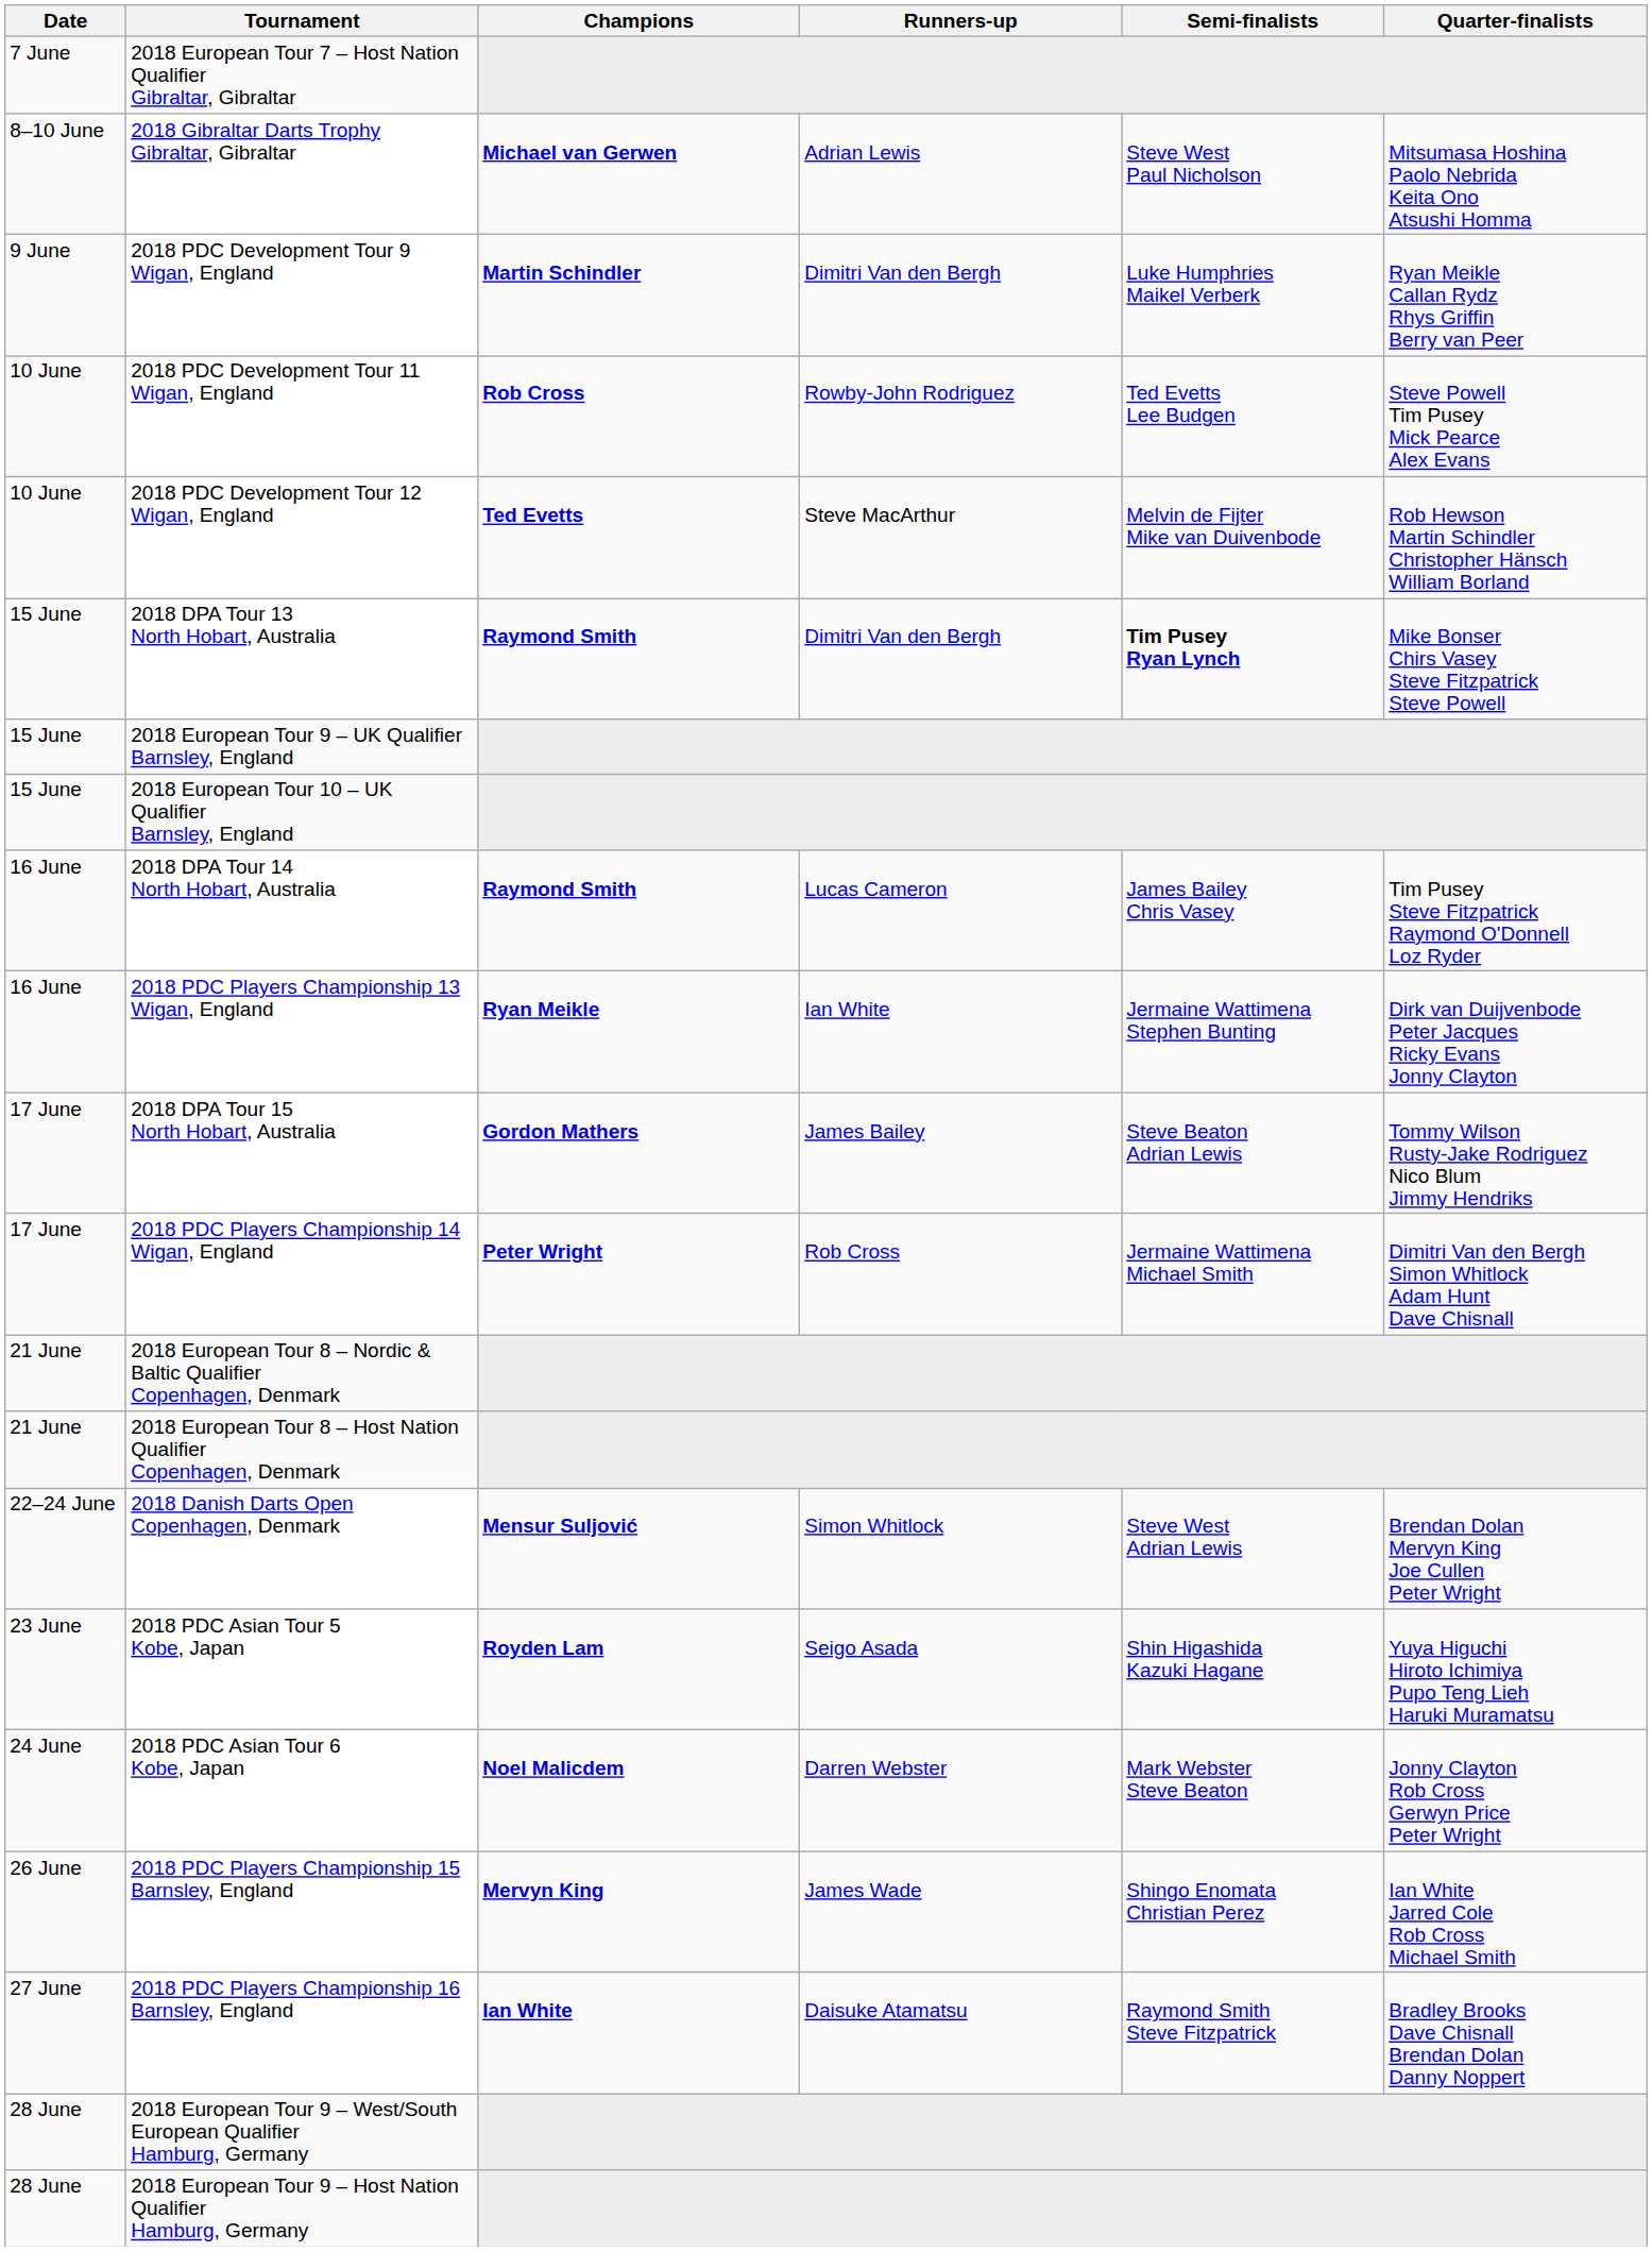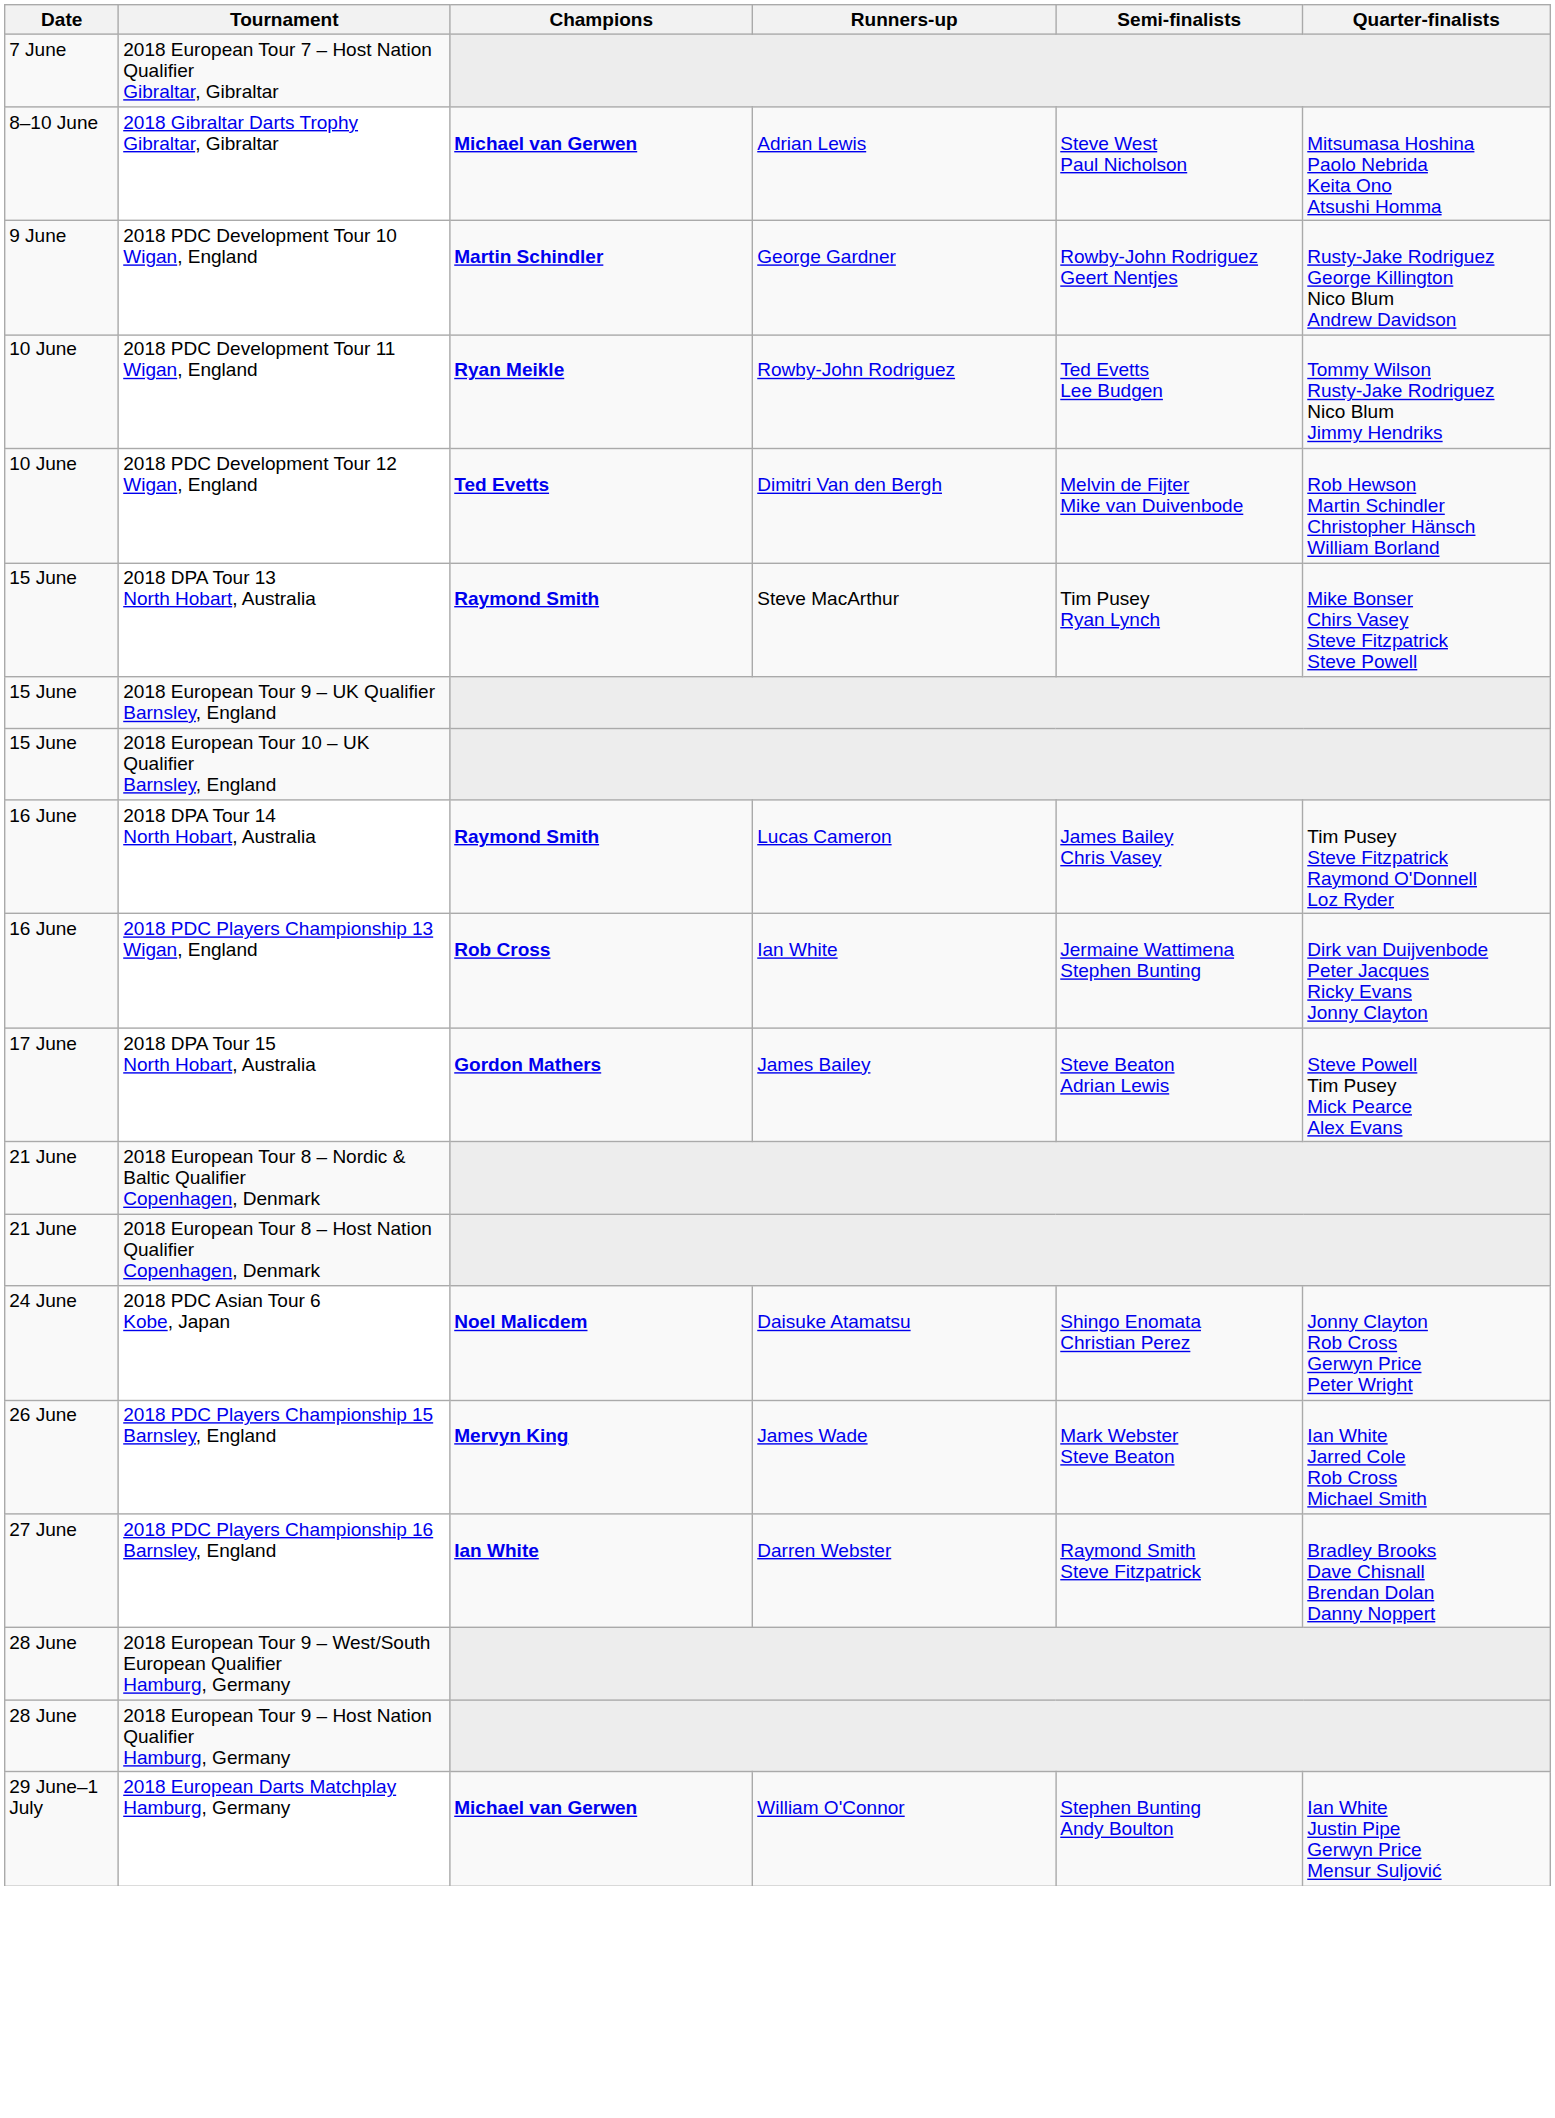 <table class=wikitable style=font-size:85%>
 <tr>
 <th width=75>Date</th>
 <th width=230>Tournament</th>
 <th width=210>Champions</th>
 <th width=210>Runners-up</th>
 <th width=170>Semi-finalists</th>
 <th width=170>Quarter-finalists</th>
 </tr>
 <tr valign="top">
 <td rowspan=1>7 June</td>
 <td>2018 European Tour 7 – Host Nation Qualifier <br><a href='#'>Gibraltar</a>, Gibraltar</td>
 <td colspan=4 bgcolor="#ededed"></td>
 </tr>
 <tr valign="top">
 <td>8–10 June</td>
 <td bgcolor="#ffffff"><a href='#'>2018 Gibraltar Darts Trophy</a><br><a href='#'>Gibraltar</a>, Gibraltar</td>
 <td><br> <strong><a href='#'>Michael van Gerwen</a></strong></td>
 <td><br> <a href='#'>Adrian Lewis</a></td>
 <td><br> <a href='#'>Steve West</a> <br>  <a href='#'>Paul Nicholson</a></td>
 <td><br> <a href='#'>Mitsumasa Hoshina</a> <br>  <a href='#'>Paolo Nebrida</a> <br>  <a href='#'>Keita Ono</a> <br>  <a href='#'>Atsushi Homma</a></td>
 </tr>
 <tr valign="top">
 <td>9 June</td>
-<td bgcolor="#ffffff">2018 PDC Development Tour 9<br><a href='#'>Wigan</a>, England</td>
+<td bgcolor="#ffffff">2018 PDC Development Tour 10<br><a href='#'>Wigan</a>, England</td>
 <td><br> <strong><a href='#'>Martin Schindler</a></strong></td>
-<td><br> <a href='#'>Dimitri Van den Bergh</a></td>
-<td><br> <a href='#'>Luke Humphries</a> <br>  <a href='#'>Maikel Verberk</a></td>
-<td><br> <a href='#'>Ryan Meikle</a> <br>  <a href='#'>Callan Rydz</a> <br>  <a href='#'>Rhys Griffin</a> <br>  <a href='#'>Berry van Peer</a></td>
+<td><br> <a href='#'>George Gardner</a></td>
+<td><br> <a href='#'>Rowby-John Rodriguez</a> <br>  <a href='#'>Geert Nentjes</a></td>
+<td><br> <a href='#'>Rusty-Jake Rodriguez</a> <br>  <a href='#'>George Killington</a> <br>  Nico Blum <br>  <a href='#'>Andrew Davidson</a></td>
 </tr>
 <tr valign="top">
 <td>10 June</td>
 <td bgcolor="#ffffff">2018 PDC Development Tour 11<br><a href='#'>Wigan</a>, England</td>
-<td><br> <strong><a href='#'>Rob Cross</a></strong></td>
+<td><br> <strong><a href='#'>Ryan Meikle</a></strong></td>
 <td><br> <a href='#'>Rowby-John Rodriguez</a></td>
 <td><br> <a href='#'>Ted Evetts</a> <br>  <a href='#'>Lee Budgen</a></td>
-<td><br> <a href='#'>Steve Powell</a> <br>  Tim Pusey <br>  <a href='#'>Mick Pearce</a> <br>  <a href='#'>Alex Evans</a></td>
+<td><br> <a href='#'>Tommy Wilson</a> <br>  <a href='#'>Rusty-Jake Rodriguez</a> <br>  Nico Blum <br>  <a href='#'>Jimmy Hendriks</a></td>
 </tr>
 <tr valign="top">
 <td>10 June</td>
 <td bgcolor="#ffffff">2018 PDC Development Tour 12<br><a href='#'>Wigan</a>, England</td>
 <td><br> <strong><a href='#'>Ted Evetts</a></strong></td>
-<td><br> Steve MacArthur</td>
+<td><br> <a href='#'>Dimitri Van den Bergh</a></td>
 <td><br> <a href='#'>Melvin de Fijter</a> <br>  <a href='#'>Mike van Duivenbode</a></td>
 <td><br> <a href='#'>Rob Hewson</a> <br>  <a href='#'>Martin Schindler</a> <br>  <a href='#'>Christopher Hänsch</a> <br>  <a href='#'>William Borland</a></td>
 </tr>
 <tr valign="top">
 <td>15 June</td>
 <td bgcolor="#ffffff">2018 DPA Tour 13<br><a href='#'>North Hobart</a>, Australia</td>
 <td><br> <strong><a href='#'>Raymond Smith</a></strong></td>
-<td><br> <a href='#'>Dimitri Van den Bergh</a></td>
-<td><strong><br> Tim Pusey <br>  <a href='#'>Ryan Lynch</a></strong></td>
+<td><br> Steve MacArthur</td>
+<td><br> Tim Pusey <br>  <a href='#'>Ryan Lynch</a></td>
 <td><br> <a href='#'>Mike Bonser</a> <br>  <a href='#'>Chirs Vasey</a> <br>  <a href='#'>Steve Fitzpatrick</a> <br>  <a href='#'>Steve Powell</a></td>
 </tr>
 <tr valign="top">
 <td rowspan=1>15 June</td>
 <td>2018 European Tour 9 – UK Qualifier <br><a href='#'>Barnsley</a>, England</td>
 <td colspan=4 bgcolor="#ededed"></td>
 </tr>
 <tr valign="top">
 <td rowspan=1>15 June</td>
 <td>2018 European Tour 10 – UK Qualifier <br><a href='#'>Barnsley</a>, England</td>
 <td colspan=4 bgcolor="#ededed"></td>
 </tr>
 <tr valign="top">
 <td>16 June</td>
 <td bgcolor="#ffffff">2018 DPA Tour 14<br><a href='#'>North Hobart</a>, Australia</td>
 <td><br> <strong><a href='#'>Raymond Smith</a></strong></td>
 <td><br> <a href='#'>Lucas Cameron</a></td>
 <td><br> <a href='#'>James Bailey</a> <br>  <a href='#'>Chris Vasey</a></td>
 <td><br> Tim Pusey <br>  <a href='#'>Steve Fitzpatrick</a> <br>  <a href='#'>Raymond O'Donnell</a> <br>  <a href='#'>Loz Ryder</a></td>
 </tr>
 <tr valign="top">
 <td>16 June</td>
 <td bgcolor="#ffffff"><a href='#'>2018 PDC Players Championship 13</a><br><a href='#'>Wigan</a>, England</td>
-<td><br> <strong><a href='#'>Ryan Meikle</a></strong></td>
+<td><br> <strong><a href='#'>Rob Cross</a></strong></td>
 <td><br> <a href='#'>Ian White</a></td>
 <td><br> <a href='#'>Jermaine Wattimena</a> <br>  <a href='#'>Stephen Bunting</a></td>
 <td><br> <a href='#'>Dirk van Duijvenbode</a> <br>  <a href='#'>Peter Jacques</a> <br>  <a href='#'>Ricky Evans</a> <br>  <a href='#'>Jonny Clayton</a></td>
 </tr>
 <tr valign="top">
 <td>17 June</td>
 <td bgcolor="#ffffff">2018 DPA Tour 15<br><a href='#'>North Hobart</a>, Australia</td>
 <td><br> <strong><a href='#'>Gordon Mathers</a></strong></td>
 <td><br> <a href='#'>James Bailey</a></td>
 <td><br> <a href='#'>Steve Beaton</a> <br>  <a href='#'>Adrian Lewis</a></td>
-<td><br> <a href='#'>Tommy Wilson</a> <br>  <a href='#'>Rusty-Jake Rodriguez</a> <br>  Nico Blum <br>  <a href='#'>Jimmy Hendriks</a></td>
-</tr>
-<tr valign="top">
-<td>17 June</td>
-<td bgcolor="#ffffff"><a href='#'>2018 PDC Players Championship 14</a><br><a href='#'>Wigan</a>, England</td>
-<td><br> <strong><a href='#'>Peter Wright</a></strong></td>
-<td><br> <a href='#'>Rob Cross</a></td>
-<td><br> <a href='#'>Jermaine Wattimena</a> <br>  <a href='#'>Michael Smith</a></td>
-<td><br> <a href='#'>Dimitri Van den Bergh</a> <br>  <a href='#'>Simon Whitlock</a> <br>  <a href='#'>Adam Hunt</a> <br>  <a href='#'>Dave Chisnall</a></td>
+<td><br> <a href='#'>Steve Powell</a> <br>  Tim Pusey <br>  <a href='#'>Mick Pearce</a> <br>  <a href='#'>Alex Evans</a></td>
 </tr>
 <tr valign="top">
 <td rowspan=1>21 June</td>
 <td>2018 European Tour 8 – Nordic & Baltic Qualifier <br><a href='#'>Copenhagen</a>, Denmark</td>
 <td colspan=4 bgcolor="#ededed"></td>
 </tr>
 <tr valign="top">
 <td rowspan=1>21 June</td>
 <td>2018 European Tour 8 – Host Nation Qualifier <br><a href='#'>Copenhagen</a>, Denmark</td>
 <td colspan=4 bgcolor="#ededed"></td>
 </tr>
 <tr valign="top">
-<td>22–24 June</td>
-<td bgcolor="#ffffff"><a href='#'>2018 Danish Darts Open</a><br><a href='#'>Copenhagen</a>, Denmark</td>
-<td><br> <strong><a href='#'>Mensur Suljović</a></strong></td>
-<td><br> <a href='#'>Simon Whitlock</a></td>
-<td><br> <a href='#'>Steve West</a> <br>  <a href='#'>Adrian Lewis</a></td>
-<td><br> <a href='#'>Brendan Dolan</a> <br>  <a href='#'>Mervyn King</a> <br>  <a href='#'>Joe Cullen</a> <br>  <a href='#'>Peter Wright</a></td>
-</tr>
-<tr valign="top">
-<td>23 June</td>
-<td bgcolor="#ffffff">2018 PDC Asian Tour 5<br><a href='#'>Kobe</a>, Japan</td>
-<td><br> <strong><a href='#'>Royden Lam</a></strong></td>
-<td><br> <a href='#'>Seigo Asada</a></td>
-<td><br> <a href='#'>Shin Higashida</a> <br>  <a href='#'>Kazuki Hagane</a></td>
-<td><br> <a href='#'>Yuya Higuchi</a> <br>  <a href='#'>Hiroto Ichimiya</a> <br>  <a href='#'>Pupo Teng Lieh</a> <br>  <a href='#'>Haruki Muramatsu</a></td>
-</tr>
-<tr valign="top">
 <td>24 June</td>
 <td bgcolor="#ffffff">2018 PDC Asian Tour 6<br><a href='#'>Kobe</a>, Japan</td>
 <td><br> <strong><a href='#'>Noel Malicdem</a></strong></td>
-<td><br> <a href='#'>Darren Webster</a></td>
-<td><br> <a href='#'>Mark Webster</a> <br>  <a href='#'>Steve Beaton</a></td>
+<td><br> <a href='#'>Daisuke Atamatsu</a></td>
+<td><br> <a href='#'>Shingo Enomata</a> <br>  <a href='#'>Christian Perez</a></td>
 <td><br> <a href='#'>Jonny Clayton</a> <br>  <a href='#'>Rob Cross</a> <br>  <a href='#'>Gerwyn Price</a> <br>  <a href='#'>Peter Wright</a></td>
 </tr>
 <tr valign="top">
 <td>26 June</td>
 <td bgcolor="#ffffff"><a href='#'>2018 PDC Players Championship 15</a><br><a href='#'>Barnsley</a>, England</td>
 <td><br> <strong><a href='#'>Mervyn King</a></strong></td>
 <td><br> <a href='#'>James Wade</a></td>
-<td><br> <a href='#'>Shingo Enomata</a> <br>  <a href='#'>Christian Perez</a></td>
+<td><br> <a href='#'>Mark Webster</a> <br>  <a href='#'>Steve Beaton</a></td>
 <td><br> <a href='#'>Ian White</a> <br>  <a href='#'>Jarred Cole</a> <br>  <a href='#'>Rob Cross</a> <br>  <a href='#'>Michael Smith</a></td>
 </tr>
 <tr valign="top">
 <td>27 June</td>
 <td bgcolor="#ffffff"><a href='#'>2018 PDC Players Championship 16</a><br><a href='#'>Barnsley</a>, England</td>
 <td><br> <strong><a href='#'>Ian White</a></strong></td>
-<td><br> <a href='#'>Daisuke Atamatsu</a></td>
+<td><br> <a href='#'>Darren Webster</a></td>
 <td><br> <a href='#'>Raymond Smith</a> <br>  <a href='#'>Steve Fitzpatrick</a></td>
 <td><br> <a href='#'>Bradley Brooks</a> <br>  <a href='#'>Dave Chisnall</a> <br>  <a href='#'>Brendan Dolan</a> <br>  <a href='#'>Danny Noppert</a></td>
 </tr>
 <tr valign="top">
 <td rowspan=1>28 June</td>
 <td>2018 European Tour 9 – West/South European Qualifier <br><a href='#'>Hamburg</a>, Germany</td>
 <td colspan=4 bgcolor="#ededed"></td>
 </tr>
 <tr valign="top">
 <td rowspan=1>28 June</td>
 <td>2018 European Tour 9 – Host Nation Qualifier <br><a href='#'>Hamburg</a>, Germany</td>
 <td colspan=4 bgcolor="#ededed"></td>
 </tr>
+<tr valign="top">
+<td>29 June–1 July</td>
+<td bgcolor="#ffffff"><a href='#'>2018 European Darts Matchplay</a><br><a href='#'>Hamburg</a>, Germany</td>
+<td><br> <strong><a href='#'>Michael van Gerwen</a></strong></td>
+<td><br> <a href='#'>William O'Connor</a></td>
+<td><br> <a href='#'>Stephen Bunting</a> <br>  <a href='#'>Andy Boulton</a></td>
+<td><br> <a href='#'>Ian White</a> <br>  <a href='#'>Justin Pipe</a> <br>  <a href='#'>Gerwyn Price</a> <br>  <a href='#'>Mensur Suljović</a></td>
+</tr>
 </table>
